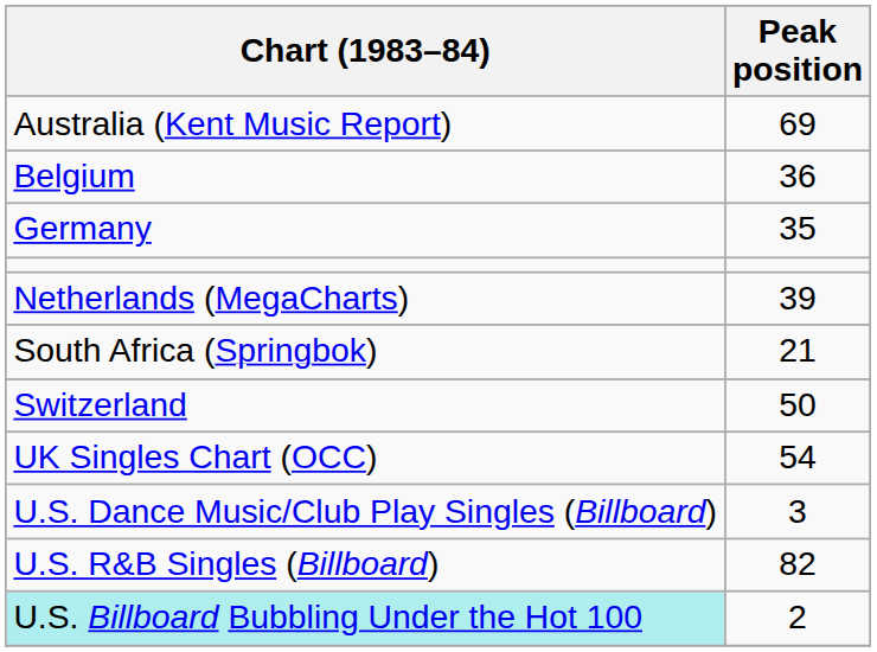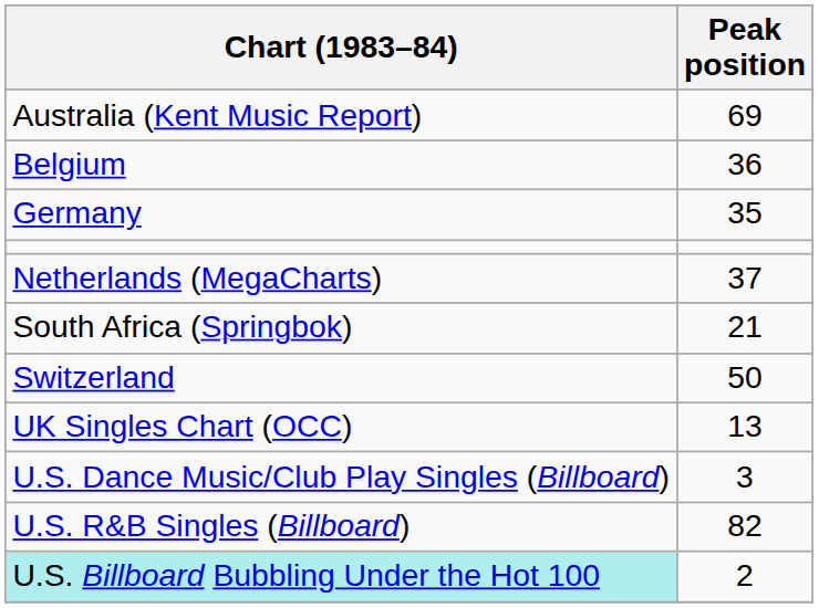 <table class="wikitable sortable">
 <tr>
 <th align="left">Chart (1983–84)</th>
 <th align="left">Peak<br>position</th>
 </tr>
 <tr>
 <td>Australia (<a href='#'>Kent Music Report</a>)</td>
 <td style="text-align:center;">69</td>
 </tr>
 <tr>
 <td align="left"><a href='#'>Belgium</a></td>
 <td align="center">36</td>
 </tr>
 <tr>
 <td align="left"><a href='#'>Germany</a></td>
 <td align="center">35</td>
 </tr>
 <tr>
 <td></td>
 </tr>
 <tr>
 <td align="left"><a href='#'>Netherlands</a> (<a href='#'>MegaCharts</a>)</td>
-<td align="center">39</td>
+<td align="center">37</td>
 </tr>
 <tr>
 <td>South Africa (<a href='#'>Springbok</a>)</td>
 <td align="center">21</td>
 </tr>
 <tr>
 <td align="left"><a href='#'>Switzerland</a></td>
 <td align="center">50</td>
 </tr>
 <tr>
 <td align="left"><a href='#'>UK Singles Chart</a> (<a href='#'>OCC</a>)</td>
-<td align="center">54</td>
+<td align="center">13</td>
 </tr>
 <tr>
 <td align="left"><a href='#'>U.S. Dance Music/Club Play Singles</a> (<em><a href='#'>Billboard</a></em>)</td>
 <td align="center">3</td>
 </tr>
 <tr>
 <td><a href='#'>U.S. R&B Singles</a> (<em><a href='#'>Billboard</a></em>)</td>
 <td align="center">82</td>
 </tr>
 <tr>
 <td style="background: paleturquoise;">U.S. <em><a href='#'>Billboard</a></em> <a href='#'>Bubbling Under the Hot 100</a></td>
 <td style="text-align:center;">2</td>
 </tr>
 <tr>
 </tr>
 </table>
